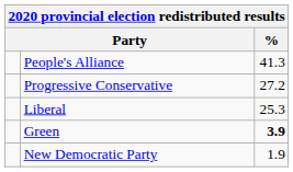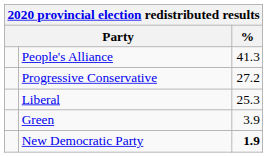 <table class="wikitable">
 <tr>
 <th colspan="4"><a href='#'>2020 provincial election</a> redistributed results</th>
 </tr>
 <tr>
 <th bgcolor="#DDDDFF" width="130px" colspan="2">Party</th>
 <th bgcolor="#DDDDFF" width="30px">%</th>
 </tr>
 <tr>
 <td> </td>
 <td><a href='#'>People's Alliance</a></td>
 <td align=right>41.3</td>
 </tr>
 <tr>
 <td> </td>
 <td><a href='#'>Progressive Conservative</a></td>
 <td align=right>27.2</td>
 </tr>
 <tr>
 <td> </td>
 <td><a href='#'>Liberal</a></td>
 <td align=right>25.3</td>
 </tr>
 <tr>
 <td> </td>
 <td><a href='#'>Green</a></td>
-<td align=right><strong>3.9</strong></td>
+<td align=right>3.9</td>
 </tr>
 <tr>
 <td> </td>
 <td><a href='#'>New Democratic Party</a></td>
-<td align=right>1.9</td>
+<td align=right><strong>1.9</strong></td>
 </tr>
 </table>
